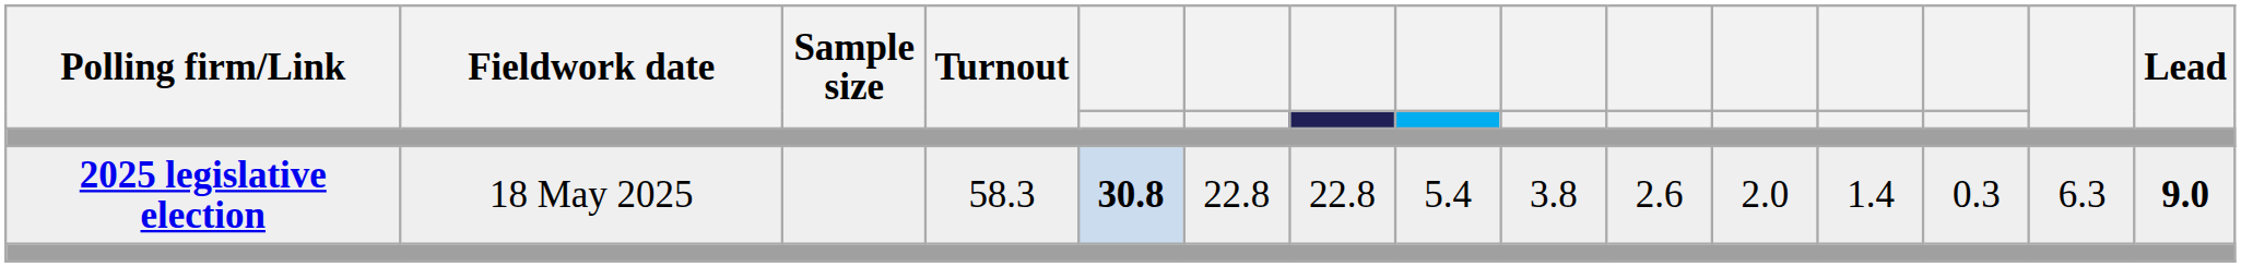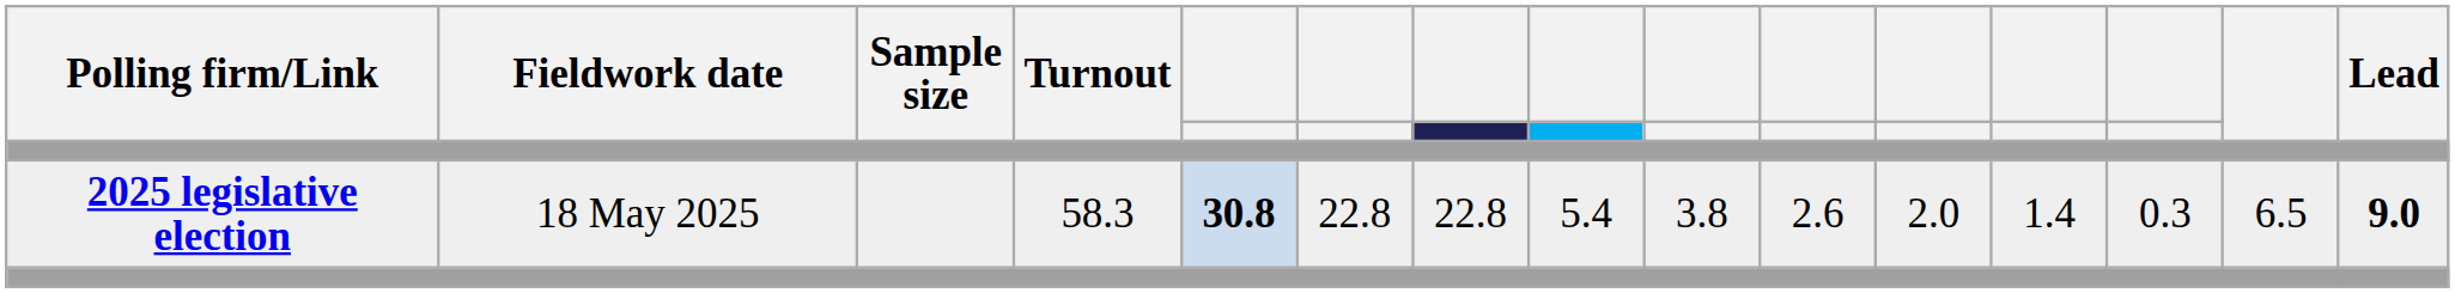 <table class="wikitable sortable mw-datatable" style="text-align:center;font-size:95%;line-height:16px;">
 <tr style="height:42px;">
 <th style="width:150px;" rowspan="2">Polling firm/Link</th>
 <th style="width:145px;" rowspan="2">Fieldwork date</th>
 <th class="unsortable" style="width:50px;" rowspan="2">Sample size</th>
 <th class="unsortable" style="width:50px;" rowspan="2">Turnout</th>
 <th class="sortable" style="width:35px;"></th>
 <th class="sortable" style="width:35px;"></th>
 <th class="sortable" style="width:35px;"></th>
 <th class="sortable" style="width:35px;"></th>
 <th class="sortable" style="width:35px;"></th>
 <th class="sortable" style="width:35px;"></th>
 <th class="sortable" style="width:35px;"></th>
 <th class="sortable" style="width:35px;"></th>
 <th class="sortable" style="width:35px;"></th>
 <th class="unsortable" style="width:35px;" rowspan="2"></th>
 <th class="unsortable" style="width:30px;" rowspan="2">Lead</th>
 </tr>
 <tr>
 <th class="unsortable" style="color:inherit;background:"></th>
 <th class="sortable" style="color:inherit;background:"></th>
 <th class="sortable" style="color:inherit;background:#202056;"></th>
 <th class="sortable" style="color:inherit;background:#00ADEF;"></th>
 <th class="sortable" style="color:inherit;background:"></th>
 <th class="sortable" style="color:inherit;background:"></th>
 <th class="sortable" style="color:inherit;background:"></th>
 <th class="sortable" style="color:inherit;background:"></th>
 <th class="sortable" style="color:inherit;background:"></th>
 </tr>
 <tr>
 <td colspan="15" style="background:#A0A0A0"></td>
 </tr>
 <tr style="background:#EFEFEF">
 <td><strong><a href='#'>2025 legislative election</a></strong></td>
 <td>18 May 2025</td>
 <td></td>
 <td>58.3</td>
 <td style="background:#CBDCEF"><strong>30.8</strong><br></td>
 <td>22.8<br></td>
 <td>22.8<br></td>
 <td>5.4<br></td>
 <td>3.8<br></td>
 <td>2.6<br></td>
 <td>2.0<br></td>
 <td>1.4<br></td>
 <td>0.3<br></td>
-<td>6.3<br></td>
+<td>6.5<br></td>
 <td style="background:"><strong>9.0</strong></td>
 </tr>
 <tr>
 <td colspan="15" style="background:#A0A0A0"></td>
 </tr>
 </table>
